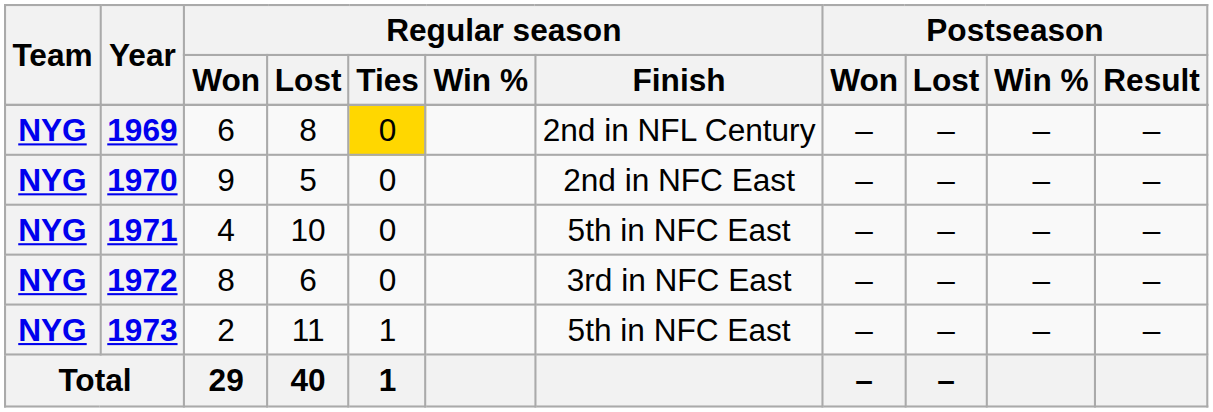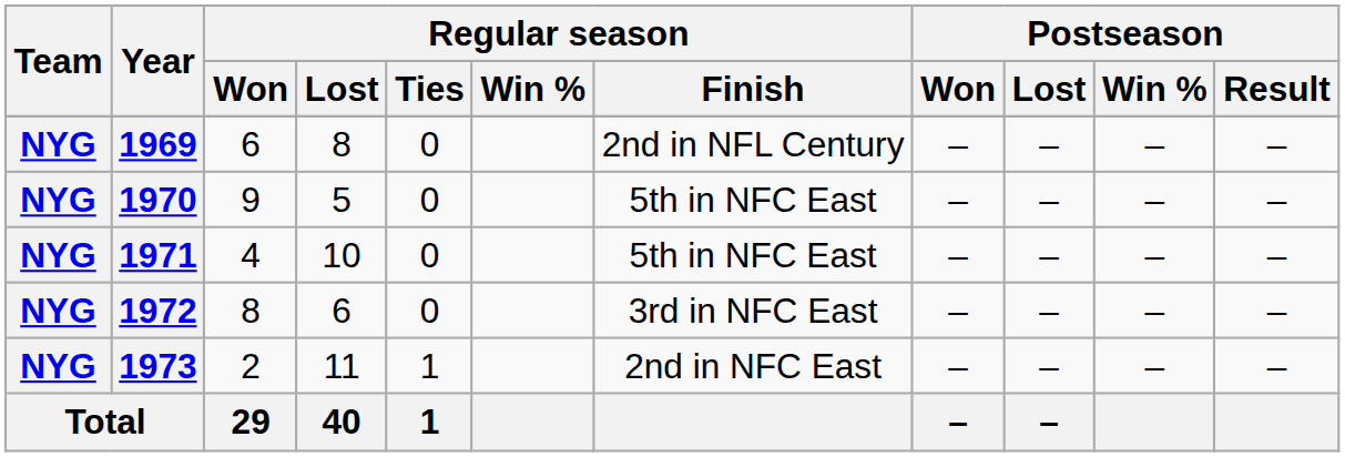 <table class="wikitable" style="font-size: 95%; text-align:center;">
 <tr>
 <th rowspan="2">Team</th>
 <th rowspan="2">Year</th>
 <th colspan="5">Regular season</th>
 <th colspan="4">Postseason</th>
 </tr>
 <tr>
 <th>Won</th>
 <th>Lost</th>
 <th>Ties</th>
 <th>Win %</th>
 <th>Finish</th>
 <th>Won</th>
 <th>Lost</th>
 <th>Win %</th>
 <th>Result</th>
 </tr>
 <tr ! style="background:;">
 </tr>
 <tr>
 <th><a href='#'>NYG</a></th>
 <th><a href='#'>1969</a></th>
 <td>6</td>
 <td>8</td>
-<td style="background: gold;">0</td>
+<td>0</td>
 <td></td>
 <td>2nd in NFL Century</td>
 <td>–</td>
 <td>–</td>
 <td>–</td>
 <td>–</td>
 </tr>
 <tr>
 <th><a href='#'>NYG</a></th>
 <th><a href='#'>1970</a></th>
 <td>9</td>
 <td>5</td>
 <td>0</td>
 <td></td>
-<td>2nd in NFC East</td>
+<td>5th in NFC East</td>
 <td>–</td>
 <td>–</td>
 <td>–</td>
 <td>–</td>
 </tr>
 <tr>
 <th><a href='#'>NYG</a></th>
 <th><a href='#'>1971</a></th>
 <td>4</td>
 <td>10</td>
 <td>0</td>
 <td></td>
 <td>5th in NFC East</td>
 <td>–</td>
 <td>–</td>
 <td>–</td>
 <td>–</td>
 </tr>
 <tr>
 <th><a href='#'>NYG</a></th>
 <th><a href='#'>1972</a></th>
 <td>8</td>
 <td>6</td>
 <td>0</td>
 <td></td>
 <td>3rd in NFC East</td>
 <td>–</td>
 <td>–</td>
 <td>–</td>
 <td>–</td>
 </tr>
 <tr>
 <th><a href='#'>NYG</a></th>
 <th><a href='#'>1973</a></th>
 <td>2</td>
 <td>11</td>
 <td>1</td>
 <td></td>
-<td>5th in NFC East</td>
+<td>2nd in NFC East</td>
 <td>–</td>
 <td>–</td>
 <td>–</td>
 <td>–</td>
 </tr>
 <tr>
 <th colspan="2">Total</th>
 <th>29</th>
 <th>40</th>
 <th>1</th>
 <th></th>
 <th></th>
 <th>–</th>
 <th>–</th>
 <th></th>
 <th></th>
 </tr>
 </table>
